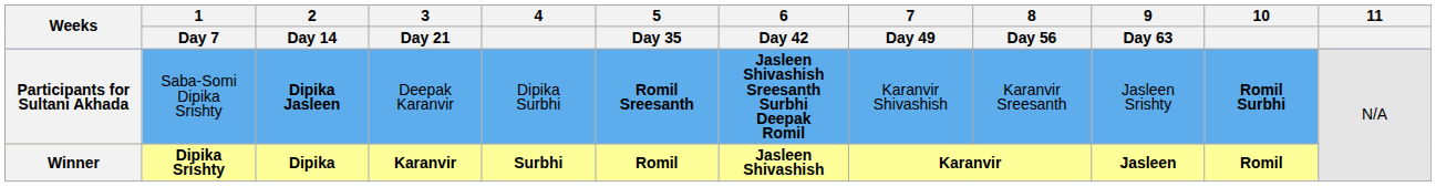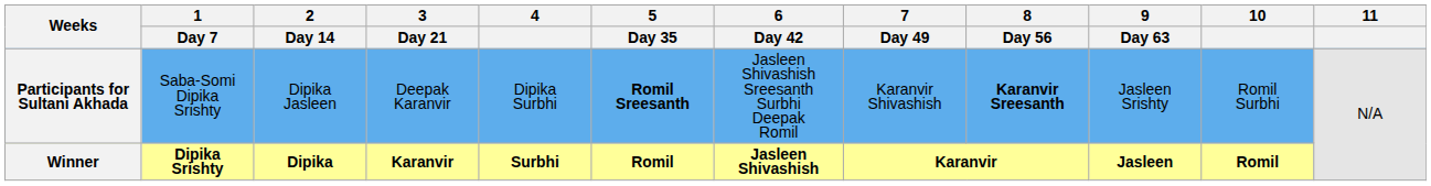 <table class="wikitable" style="text-align:center; width:100%; font-size:85%; font-family: sans-serif; line-height:13px;">
 <tr>
 <th rowspan="2" style="width: 5%;">Weeks</th>
 <th style="width: 5%;">1</th>
 <th style="width: 5%;">2</th>
 <th style="width: 5%;">3</th>
 <th style="width: 5%;">4</th>
 <th style="width: 5%;">5</th>
 <th style="width: 5%;">6</th>
 <th style="width: 5%;">7</th>
 <th style="width: 5%;">8</th>
 <th style="width: 5%;">9</th>
 <th style="width: 5%;">10</th>
 <th style="width: 5%;">11</th>
 </tr>
 <tr>
 <th style="width: 5%;">Day 7</th>
 <th style="width: 5%;">Day 14</th>
 <th style="width: 5%;">Day 21</th>
 <th style="width: 5%;"></th>
 <th style="width: 5%;">Day 35</th>
 <th style="width: 5%;">Day 42</th>
 <th style="width: 5%;">Day 49</th>
 <th style="width: 5%;">Day 56</th>
 <th style="width: 5%;">Day 63</th>
 <th style="width: 5%;"></th>
 <th style="width: 5%;"></th>
 </tr>
 <tr style="background:#5DADEC;" |>
 <th>Participants for Sultani Akhada</th>
 <td>Saba-Somi<br>Dipika<br>Srishty</td>
-<td><strong>Dipika<br>Jasleen</strong></td>
+<td>Dipika<br>Jasleen</td>
 <td>Deepak<br>Karanvir</td>
 <td>Dipika<br>Surbhi</td>
 <td><strong>Romil<br>Sreesanth</strong></td>
-<td><strong>Jasleen<br>Shivashish<br>Sreesanth<br>Surbhi<br>Deepak<br>Romil</strong></td>
+<td>Jasleen<br>Shivashish<br>Sreesanth<br>Surbhi<br>Deepak<br>Romil</td>
 <td>Karanvir<br>Shivashish</td>
-<td>Karanvir<br>Sreesanth</td>
+<td><strong>Karanvir<br>Sreesanth</strong></td>
 <td>Jasleen<br>Srishty</td>
-<td><strong>Romil<br>Surbhi</strong></td>
+<td>Romil<br>Surbhi</td>
 <td rowspan="2" style="background:#E5E5E5;">N/A</td>
 </tr>
 <tr style="background:#FFFF99;" |>
 <th>Winner</th>
 <td><strong>Dipika<br>Srishty</strong></td>
 <td><strong>Dipika</strong></td>
 <td><strong>Karanvir</strong></td>
 <td><strong>Surbhi</strong></td>
 <td><strong>Romil</strong></td>
 <td><strong>Jasleen<br>Shivashish</strong></td>
 <td colspan="2"><strong>Karanvir</strong></td>
 <td><strong>Jasleen</strong></td>
 <td><strong>Romil</strong></td>
 </tr>
 </table>
